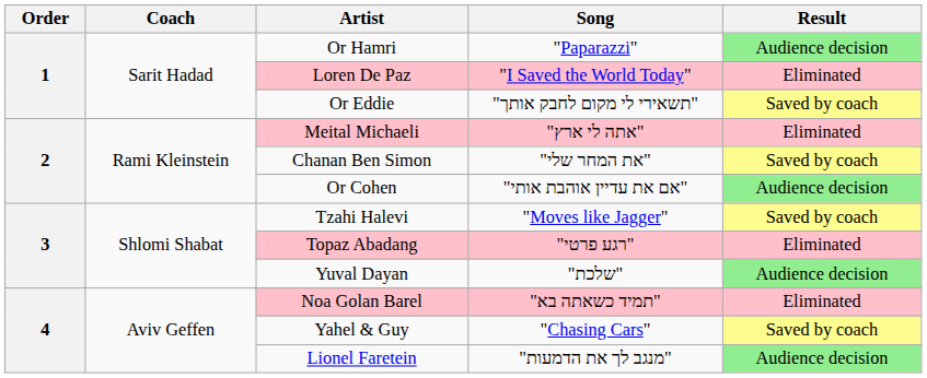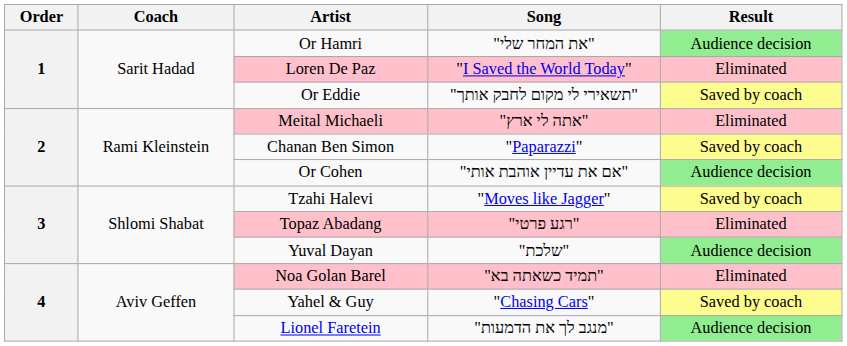 <table class="wikitable" style="text-align: center; width:65%;">
 <tr>
 <th width="05%">Order</th>
 <th width="12%">Coach</th>
 <th width="15%">Artist</th>
 <th width="18%">Song</th>
 <th width="14%">Result</th>
 </tr>
 <tr>
 <th rowspan=3>1</th>
 <td rowspan=3>Sarit Hadad</td>
 <td>Or Hamri</td>
-<td>"<a href='#'>Paparazzi</a>"</td>
+<td>"את המחר שלי"</td>
 <td style="background-color:lightgreen;">Audience decision</td>
 </tr>
 <tr>
 <td style="background-color:pink;">Loren De Paz</td>
 <td style="background-color:pink;">"<a href='#'>I Saved the World Today</a>"</td>
 <td style="background-color:pink;">Eliminated</td>
 </tr>
 <tr>
 <td>Or Eddie</td>
 <td>"תשאירי לי מקום לחבק אותך"</td>
 <td style="background-color:#fdfc8f;">Saved by coach</td>
 </tr>
 <tr>
 <th rowspan=3>2</th>
 <td rowspan=3>Rami Kleinstein</td>
 <td style="background-color:pink;">Meital Michaeli</td>
 <td style="background-color:pink;">"אתה לי ארץ"</td>
 <td style="background-color:pink;">Eliminated</td>
 </tr>
 <tr>
 <td>Chanan Ben Simon</td>
-<td>"את המחר שלי"</td>
+<td>"<a href='#'>Paparazzi</a>"</td>
 <td style="background-color:#fdfc8f;">Saved by coach</td>
 </tr>
 <tr>
 <td>Or Cohen</td>
 <td>"אם את עדיין אוהבת אותי"</td>
 <td style="background-color:lightgreen;">Audience decision</td>
 </tr>
 <tr>
 <th rowspan=3>3</th>
 <td rowspan=3>Shlomi Shabat</td>
 <td>Tzahi Halevi</td>
 <td>"<a href='#'>Moves like Jagger</a>"</td>
 <td style="background-color:#fdfc8f;">Saved by coach</td>
 </tr>
 <tr>
 <td style="background-color:pink;">Topaz Abadang</td>
 <td style="background-color:pink;">"רגע פרטי"</td>
 <td style="background-color:pink;">Eliminated</td>
 </tr>
 <tr>
 <td>Yuval Dayan</td>
 <td>"שלכת"</td>
 <td style="background-color:lightgreen;">Audience decision</td>
 </tr>
 <tr>
 <th rowspan=3>4</th>
 <td rowspan=3>Aviv Geffen</td>
 <td style="background-color:pink;">Noa Golan Barel</td>
 <td style="background-color:pink;">"תמיד כשאתה בא"</td>
 <td style="background-color:pink;">Eliminated</td>
 </tr>
 <tr>
 <td>Yahel & Guy</td>
 <td>"<a href='#'>Chasing Cars</a>"</td>
 <td style="background-color:#fdfc8f;">Saved by coach</td>
 </tr>
 <tr>
 <td><a href='#'>Lionel Faretein</a></td>
 <td>"מנגב לך את הדמעות"</td>
 <td style="background-color:lightgreen;">Audience decision</td>
 </tr>
 </table>
